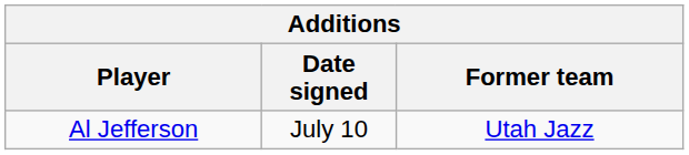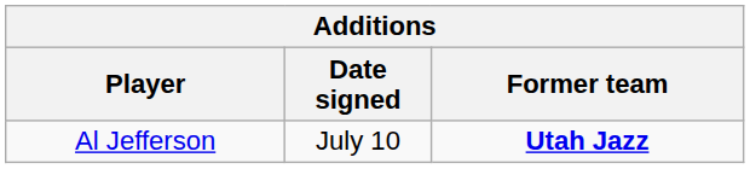 <table class="wikitable" style="text-align:center">
 <tr>
 <th colspan=3>Additions</th>
 </tr>
 <tr>
 <th style="width:160px">Player</th>
 <th style="width:80px">Date signed</th>
 <th style="width:180px">Former team</th>
 </tr>
 <tr>
 <td><a href='#'>Al Jefferson</a></td>
 <td>July 10</td>
-<td><a href='#'>Utah Jazz</a></td>
+<td><strong><a href='#'>Utah Jazz</a></strong></td>
 </tr>
 </table>
